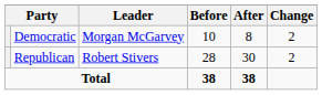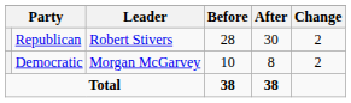 <table class="wikitable" style="text-align:center;">
 <tr>
 </tr>
 <tr>
 <th colspan=2>Party</th>
 <th>Leader</th>
 <th>Before</th>
 <th>After</th>
 <th>Change</th>
 </tr>
 <tr>
 <th style="background-color:"></th>
+<td style="text-align:left;"><a href='#'>Republican</a></td>
+<td style="text-align:left;"><a href='#'>Robert Stivers</a></td>
+<td>28</td>
+<td>30</td>
+<td> 2</td>
+</tr>
+<tr>
+<th style="background-color:"></th>
 <td style="text-align:left;"><a href='#'>Democratic</a></td>
 <td style="text-align:left;"><a href='#'>Morgan McGarvey</a></td>
 <td>10</td>
 <td>8</td>
-<td> 2</td>
-</tr>
-<tr>
-<th style="background-color:"></th>
-<td style="text-align:left;"><a href='#'>Republican</a></td>
-<td style="text-align:left;"><a href='#'>Robert Stivers</a></td>
-<td>28</td>
-<td>30</td>
 <td> 2</td>
 </tr>
 <tr>
 <td colspan=3><strong>Total</strong></td>
 <td><strong>38</strong></td>
 <td><strong>38</strong></td>
 <td></td>
 </tr>
 </table>
